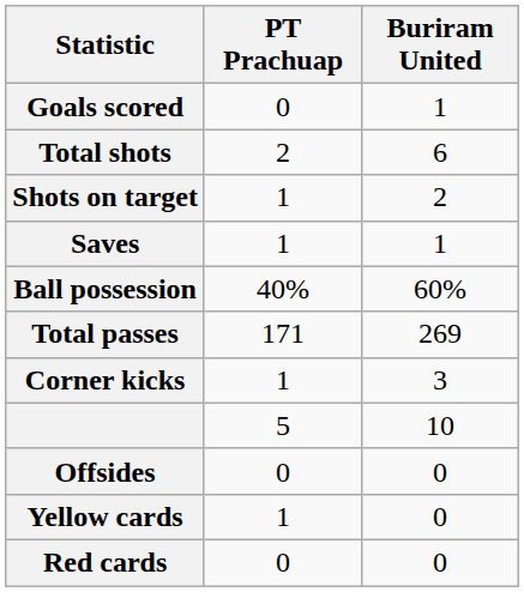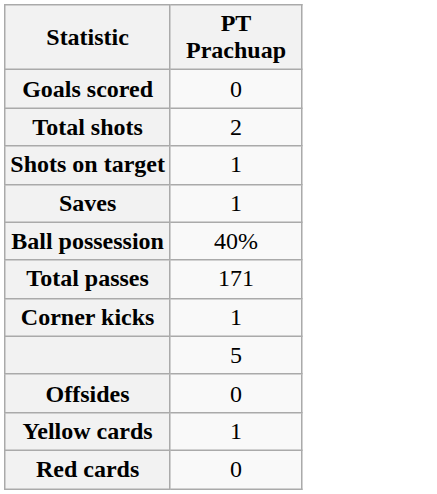 <table class="wikitable plainrowheaders" style="text-align:center">
 <tr>
 <th scope="col">Statistic</th>
 <th scope="col" style="width:80px">PT Prachuap</th>
-<th scope="col" style="width:80px">Buriram United</th>
 </tr>
 <tr>
 <th scope=row>Goals scored</th>
 <td>0</td>
-<td>1</td>
 </tr>
 <tr>
 <th scope=row>Total shots</th>
 <td>2</td>
-<td>6</td>
 </tr>
 <tr>
 <th scope=row>Shots on target</th>
 <td>1</td>
-<td>2</td>
 </tr>
 <tr>
 <th scope=row>Saves</th>
-<td>1</td>
 <td>1</td>
 </tr>
 <tr>
 <th scope=row>Ball possession</th>
 <td>40%</td>
-<td>60%</td>
 </tr>
 <tr>
 <th scope=row>Total passes</th>
 <td>171</td>
-<td>269</td>
 </tr>
 <tr>
 <th scope=row>Corner kicks</th>
 <td>1</td>
-<td>3</td>
 </tr>
 <tr>
 <th scope=row></th>
 <td>5</td>
-<td>10</td>
 </tr>
 <tr>
 <th scope=row>Offsides</th>
-<td>0</td>
 <td>0</td>
 </tr>
 <tr>
 <th scope=row>Yellow cards</th>
 <td>1</td>
-<td>0</td>
 </tr>
 <tr>
 <th scope=row>Red cards</th>
 <td>0</td>
-<td>0</td>
 </tr>
 </table>
